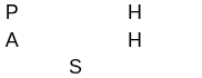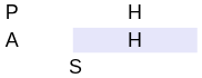 <table width="200">
 <tr>
 <td align="center">P</td>
 <td align="center">H</td>
 </tr>
 <tr>
 <td align="center">A</td>
-<td align="center">H</td>
+<td align="center" style="background: lavender;">H</td>
 </tr>
 <tr>
 <td align="center" colspan="2">S</td>
 </tr>
 </table>
